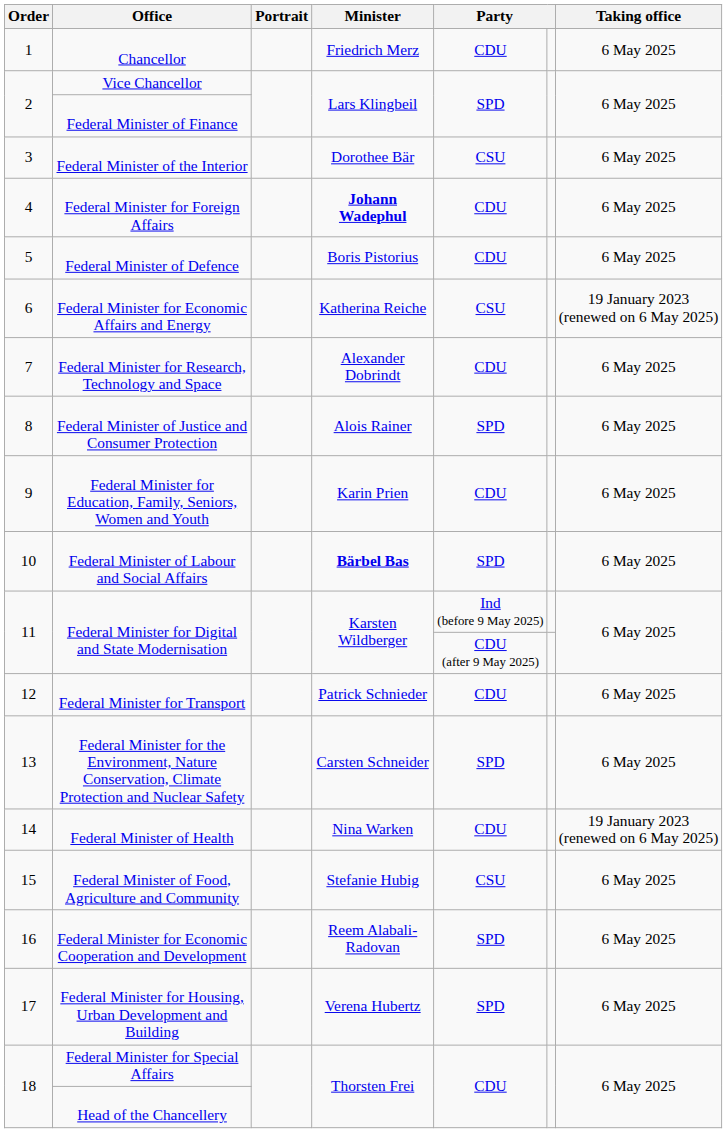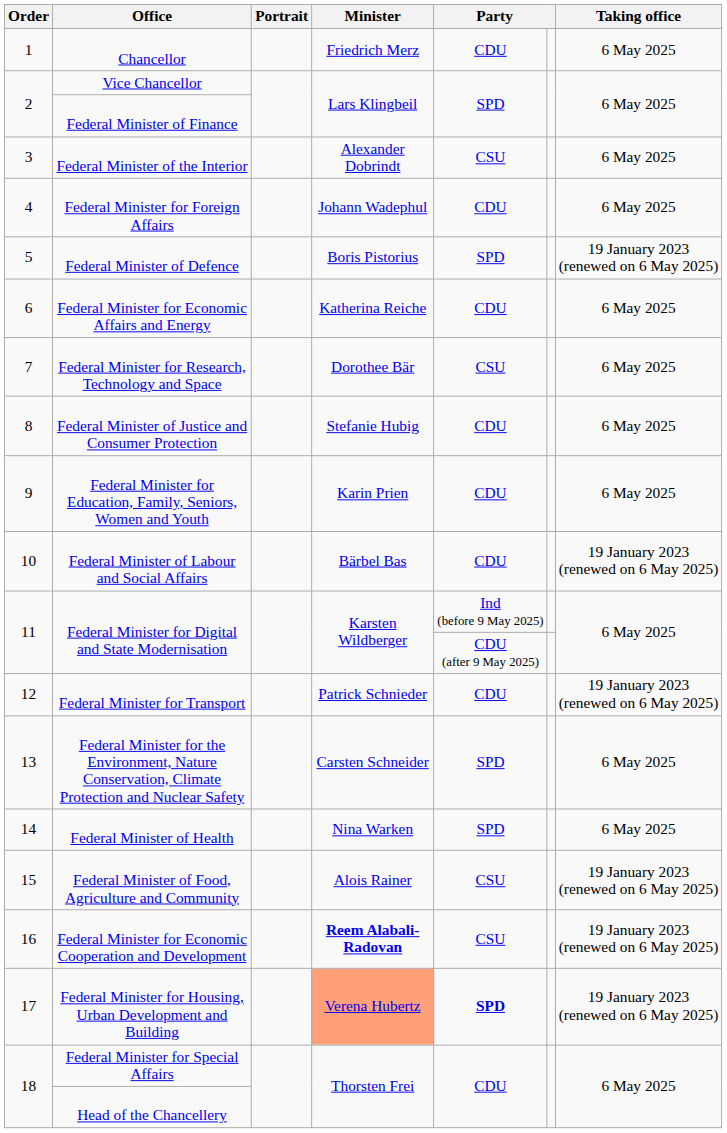 <table class="sortable wikitable" style="text-align:center">
 <tr align=center>
 <th scope=col width=40 data-sort-type="numeric">Order</th>
 <th scope=col width=200>Office</th>
 <th scope=col class="unsortable">Portrait</th>
 <th scope=col width=120>Minister</th>
 <th colspan="2" scope="col">Party</th>
 <th scope=col class="unsortable">Taking office</th>
 </tr>
 <tr>
 <td>1</td>
 <td><br><a href='#'>Chancellor</a></td>
 <td></td>
 <td><a href='#'>Friedrich Merz</a></td>
 <td><a href='#'>CDU</a></td>
 <td style="width:1px; background-color: "></td>
 <td>6 May 2025</td>
 </tr>
 <tr>
 <td rowspan=2>2</td>
 <td><a href='#'>Vice Chancellor</a></td>
 <td rowspan=2></td>
 <td rowspan=2><a href='#'>Lars Klingbeil</a></td>
 <td rowspan=2><a href='#'>SPD</a></td>
 <td rowspan=2 style="width:1px; background-color: "></td>
 <td rowspan=2>6 May 2025</td>
 </tr>
 <tr>
 <td><br><a href='#'>Federal Minister of Finance</a></td>
 </tr>
 <tr>
 <td>3</td>
 <td><br><a href='#'>Federal Minister of the Interior</a></td>
 <td></td>
-<td><a href='#'>Dorothee Bär</a></td>
+<td><a href='#'>Alexander Dobrindt</a></td>
 <td><a href='#'>CSU</a></td>
 <td style="width:1px; background-color: "></td>
 <td>6 May 2025</td>
 </tr>
 <tr>
 <td>4</td>
 <td><br><a href='#'>Federal Minister for Foreign Affairs</a></td>
 <td></td>
-<td><strong><a href='#'>Johann Wadephul</a></strong></td>
+<td><a href='#'>Johann Wadephul</a></td>
 <td><a href='#'>CDU</a></td>
 <td style="width:1px; background-color: "></td>
 <td>6 May 2025</td>
 </tr>
 <tr>
 <td>5</td>
 <td><br><a href='#'>Federal Minister of Defence</a></td>
 <td></td>
 <td><a href='#'>Boris Pistorius</a></td>
-<td><a href='#'>CDU</a></td>
+<td><a href='#'>SPD</a></td>
 <td style="width:1px; background-color: "></td>
-<td>6 May 2025</td>
+<td>19 January 2023<br>(renewed on 6 May 2025)</td>
 </tr>
 <tr>
 <td>6</td>
 <td><br><a href='#'>Federal Minister for Economic Affairs and Energy</a></td>
 <td></td>
 <td><a href='#'>Katherina Reiche</a></td>
-<td><a href='#'>CSU</a></td>
+<td><a href='#'>CDU</a></td>
 <td style="width:1px; background-color: "></td>
-<td>19 January 2023<br>(renewed on 6 May 2025)</td>
+<td>6 May 2025</td>
 </tr>
 <tr>
 <td>7</td>
 <td><br><a href='#'>Federal Minister for Research, Technology and Space</a></td>
 <td></td>
-<td><a href='#'>Alexander Dobrindt</a></td>
-<td><a href='#'>CDU</a></td>
+<td><a href='#'>Dorothee Bär</a></td>
+<td><a href='#'>CSU</a></td>
 <td style="width:1px; background-color: "></td>
 <td>6 May 2025</td>
 </tr>
 <tr>
 <td>8</td>
 <td><br><a href='#'>Federal Minister of Justice and Consumer Protection</a></td>
 <td></td>
-<td><a href='#'>Alois Rainer</a></td>
-<td><a href='#'>SPD</a></td>
+<td><a href='#'>Stefanie Hubig</a></td>
+<td><a href='#'>CDU</a></td>
 <td style="width:1px; background-color: "></td>
 <td>6 May 2025</td>
 </tr>
 <tr>
 <td>9</td>
 <td><br><a href='#'>Federal Minister for Education, Family, Seniors, Women and Youth</a></td>
 <td></td>
 <td><a href='#'>Karin Prien</a></td>
 <td><a href='#'>CDU</a></td>
 <td style="width:1px; background-color: "></td>
 <td>6 May 2025</td>
 </tr>
 <tr>
 <td>10</td>
 <td><br><a href='#'>Federal Minister of Labour and Social Affairs</a><br></td>
 <td></td>
-<td><strong><a href='#'>Bärbel Bas</a></strong></td>
-<td><a href='#'>SPD</a></td>
+<td><a href='#'>Bärbel Bas</a></td>
+<td><a href='#'>CDU</a></td>
 <td style="width:1px; background-color: "></td>
-<td>6 May 2025</td>
+<td>19 January 2023<br>(renewed on 6 May 2025)</td>
 </tr>
 <tr>
 <td rowspan=2>11</td>
 <td rowspan=2><br><a href='#'>Federal Minister for Digital and State Modernisation</a></td>
 <td rowspan=2></td>
 <td rowspan=2><a href='#'>Karsten Wildberger</a></td>
 <td><a href='#'>Ind</a><br><small>(before 9 May 2025)</small></td>
 <td style="width:1px; background-color: "></td>
 <td rowspan=2>6 May 2025</td>
 </tr>
 <tr>
 <td><a href='#'>CDU</a><br><small>(after 9 May 2025)</small></td>
 <td style="width:1px; background-color: "></td>
 </tr>
 <tr>
 <td>12</td>
 <td><br><a href='#'>Federal Minister for Transport</a></td>
 <td></td>
 <td><a href='#'>Patrick Schnieder</a></td>
 <td><a href='#'>CDU</a></td>
 <td style="width:1px; background-color: "></td>
-<td>6 May 2025</td>
+<td>19 January 2023<br>(renewed on 6 May 2025)</td>
 </tr>
 <tr>
 <td>13</td>
 <td><br><a href='#'>Federal Minister for the Environment, Nature Conservation, Climate Protection and Nuclear Safety</a></td>
 <td></td>
 <td><a href='#'>Carsten Schneider</a></td>
 <td><a href='#'>SPD</a></td>
 <td style="width:1px; background-color: "></td>
 <td>6 May 2025</td>
 </tr>
 <tr>
 <td>14</td>
 <td><br><a href='#'>Federal Minister of Health</a></td>
 <td></td>
 <td><a href='#'>Nina Warken</a></td>
-<td><a href='#'>CDU</a></td>
+<td><a href='#'>SPD</a></td>
 <td style="width:1px; background-color: "></td>
-<td>19 January 2023<br>(renewed on 6 May 2025)</td>
+<td>6 May 2025</td>
 </tr>
 <tr>
 <td>15</td>
 <td><br><a href='#'>Federal Minister of Food, Agriculture and Community</a></td>
 <td></td>
-<td><a href='#'>Stefanie Hubig</a></td>
+<td><a href='#'>Alois Rainer</a></td>
 <td><a href='#'>CSU</a></td>
 <td style="width:1px; background-color: "></td>
-<td>6 May 2025</td>
+<td>19 January 2023<br>(renewed on 6 May 2025)</td>
 </tr>
 <tr>
 <td>16</td>
 <td><br><a href='#'>Federal Minister for Economic Cooperation and Development</a></td>
 <td></td>
-<td><a href='#'>Reem Alabali-Radovan</a></td>
-<td><a href='#'>SPD</a></td>
+<td><strong><a href='#'>Reem Alabali-Radovan</a></strong></td>
+<td><a href='#'>CSU</a></td>
 <td style="width:1px; background-color: "></td>
-<td>6 May 2025</td>
+<td>19 January 2023<br>(renewed on 6 May 2025)</td>
 </tr>
 <tr>
 <td>17</td>
 <td><br><a href='#'>Federal Minister for Housing, Urban Development and Building</a></td>
 <td></td>
-<td><a href='#'>Verena Hubertz</a></td>
-<td><a href='#'>SPD</a></td>
+<td style="background: lightsalmon;"><a href='#'>Verena Hubertz</a></td>
+<td><strong><a href='#'>SPD</a></strong></td>
 <td style="width:1px; background-color: "></td>
-<td>6 May 2025</td>
+<td>19 January 2023<br>(renewed on 6 May 2025)</td>
 </tr>
 <tr>
 <td rowspan=2>18</td>
 <td><a href='#'>Federal Minister for Special Affairs</a></td>
 <td rowspan=2></td>
 <td rowspan=2><a href='#'>Thorsten Frei</a></td>
 <td rowspan=2><a href='#'>CDU</a></td>
 <td rowspan=2 style="width:1px; background-color: "></td>
 <td rowspan=2>6 May 2025</td>
 </tr>
 <tr>
 <td><br><a href='#'>Head of the Chancellery</a></td>
 </tr>
 </table>
